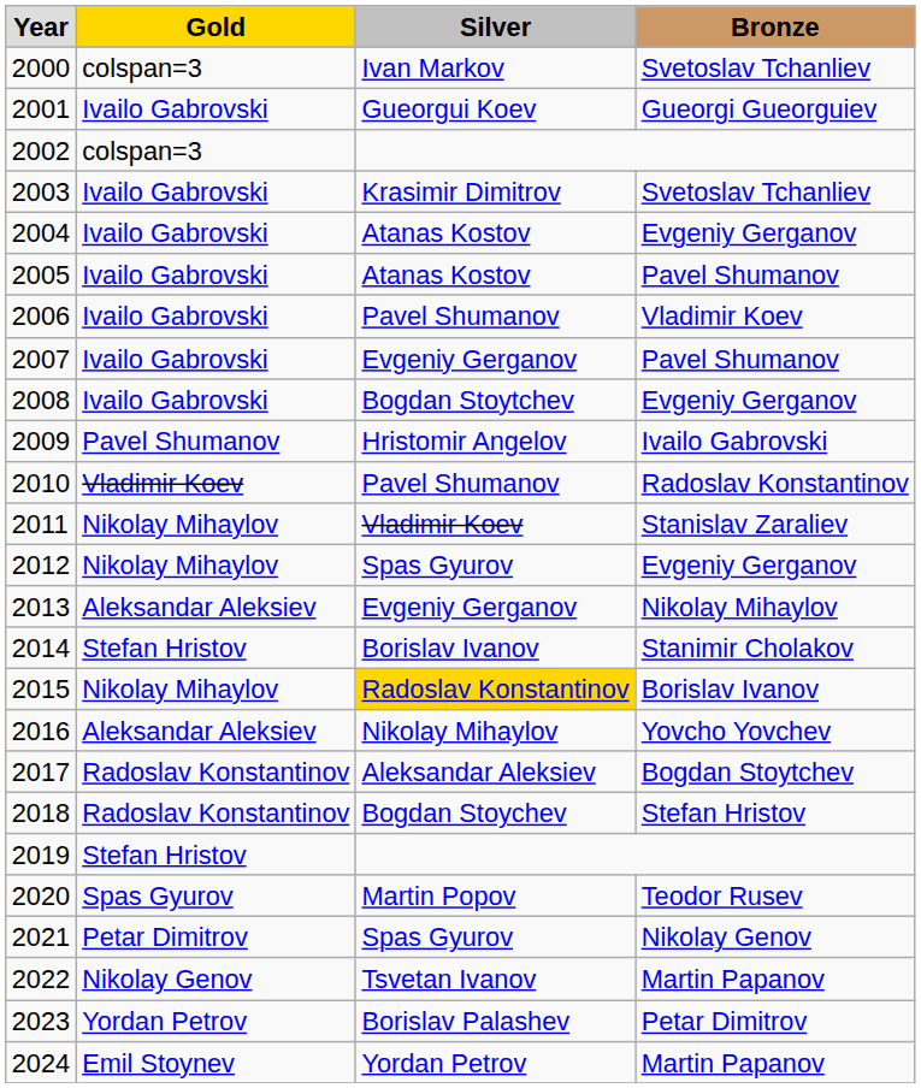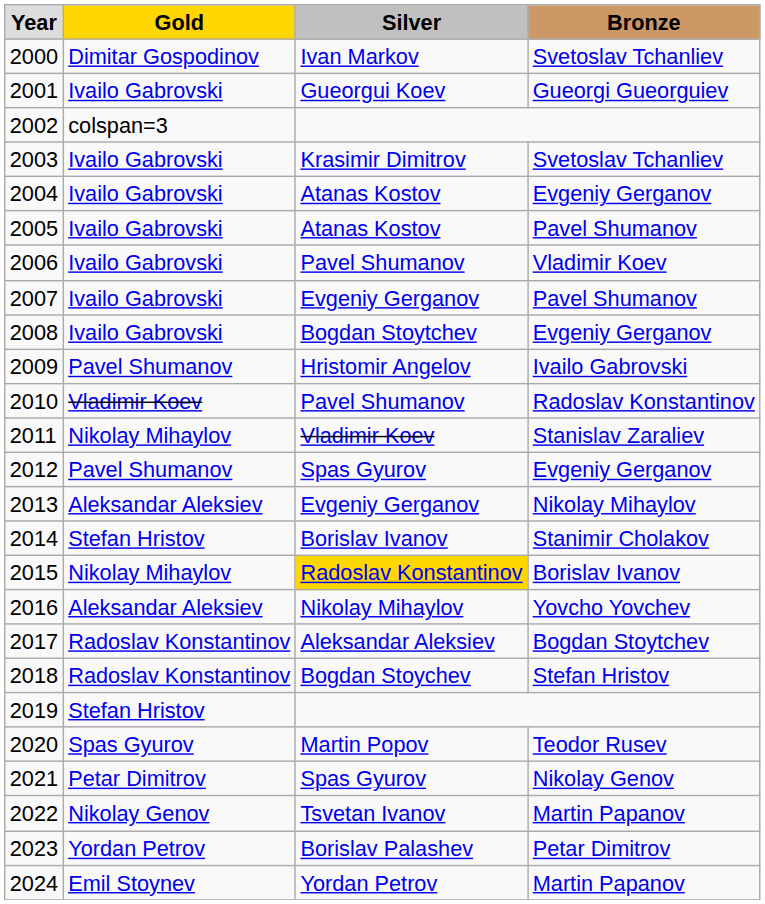 <table class="wikitable sortable" style="font-size:95%">
 <tr style="text-align:center; font-weight:bold;">
 <td style="background:#ddd; ">Year</td>
 <td style="background:gold; ">Gold</td>
 <td style="background:silver; ">Silver</td>
 <td style="background:#c96; ">Bronze</td>
 </tr>
 <tr>
 <td>2000</td>
-<td>colspan=3 </td>
+<td><a href='#'>Dimitar Gospodinov</a></td>
 <td><a href='#'>Ivan Markov</a></td>
 <td><a href='#'>Svetoslav Tchanliev</a></td>
 </tr>
 <tr>
 <td>2001</td>
 <td><a href='#'>Ivailo Gabrovski</a></td>
 <td><a href='#'>Gueorgui Koev</a></td>
 <td><a href='#'>Gueorgi Gueorguiev</a></td>
 </tr>
 <tr>
 <td>2002</td>
 <td>colspan=3 </td>
 </tr>
 <tr>
 <td>2003</td>
 <td><a href='#'>Ivailo Gabrovski</a></td>
 <td><a href='#'>Krasimir Dimitrov</a></td>
 <td><a href='#'>Svetoslav Tchanliev</a></td>
 </tr>
 <tr>
 <td>2004</td>
 <td><a href='#'>Ivailo Gabrovski</a></td>
 <td><a href='#'>Atanas Kostov</a></td>
 <td><a href='#'>Evgeniy Gerganov</a></td>
 </tr>
 <tr>
 <td>2005</td>
 <td><a href='#'>Ivailo Gabrovski</a></td>
 <td><a href='#'>Atanas Kostov</a></td>
 <td><a href='#'>Pavel Shumanov</a></td>
 </tr>
 <tr>
 <td>2006</td>
 <td><a href='#'>Ivailo Gabrovski</a></td>
 <td><a href='#'>Pavel Shumanov</a></td>
 <td><a href='#'>Vladimir Koev</a></td>
 </tr>
 <tr>
 <td>2007</td>
 <td><a href='#'>Ivailo Gabrovski</a></td>
 <td><a href='#'>Evgeniy Gerganov</a></td>
 <td><a href='#'>Pavel Shumanov</a></td>
 </tr>
 <tr>
 <td>2008</td>
 <td><a href='#'>Ivailo Gabrovski</a></td>
 <td><a href='#'>Bogdan Stoytchev</a></td>
 <td><a href='#'>Evgeniy Gerganov</a></td>
 </tr>
 <tr>
 <td>2009</td>
 <td><a href='#'>Pavel Shumanov</a></td>
 <td><a href='#'>Hristomir Angelov</a></td>
 <td><a href='#'>Ivailo Gabrovski</a></td>
 </tr>
 <tr>
 <td>2010</td>
 <td><s><a href='#'>Vladimir Koev</a></s></td>
 <td><a href='#'>Pavel Shumanov</a></td>
 <td><a href='#'>Radoslav Konstantinov</a></td>
 </tr>
 <tr>
 <td>2011</td>
 <td><a href='#'>Nikolay Mihaylov</a></td>
 <td><s><a href='#'>Vladimir Koev</a></s></td>
 <td><a href='#'>Stanislav Zaraliev</a></td>
 </tr>
 <tr>
 <td>2012</td>
-<td><a href='#'>Nikolay Mihaylov</a></td>
+<td><a href='#'>Pavel Shumanov</a></td>
 <td><a href='#'>Spas Gyurov</a></td>
 <td><a href='#'>Evgeniy Gerganov</a></td>
 </tr>
 <tr>
 <td>2013</td>
 <td><a href='#'>Aleksandar Aleksiev</a></td>
 <td><a href='#'>Evgeniy Gerganov</a></td>
 <td><a href='#'>Nikolay Mihaylov</a></td>
 </tr>
 <tr>
 <td>2014</td>
 <td><a href='#'>Stefan Hristov</a></td>
 <td><a href='#'>Borislav Ivanov</a></td>
 <td><a href='#'>Stanimir Cholakov</a></td>
 </tr>
 <tr>
 <td>2015</td>
 <td><a href='#'>Nikolay Mihaylov</a></td>
 <td style="background: gold;"><a href='#'>Radoslav Konstantinov</a></td>
 <td><a href='#'>Borislav Ivanov</a></td>
 </tr>
 <tr>
 <td>2016</td>
 <td><a href='#'>Aleksandar Aleksiev</a></td>
 <td><a href='#'>Nikolay Mihaylov</a></td>
 <td><a href='#'>Yovcho Yovchev</a></td>
 </tr>
 <tr>
 <td>2017</td>
 <td><a href='#'>Radoslav Konstantinov</a></td>
 <td><a href='#'>Aleksandar Aleksiev</a></td>
 <td><a href='#'>Bogdan Stoytchev</a></td>
 </tr>
 <tr>
 <td>2018</td>
 <td><a href='#'>Radoslav Konstantinov</a></td>
 <td><a href='#'>Bogdan Stoychev</a></td>
 <td><a href='#'>Stefan Hristov</a></td>
 </tr>
 <tr>
 <td>2019</td>
 <td><a href='#'>Stefan Hristov</a></td>
 </tr>
 <tr>
 <td>2020</td>
 <td><a href='#'>Spas Gyurov</a></td>
 <td><a href='#'>Martin Popov</a></td>
 <td><a href='#'>Teodor Rusev</a></td>
 </tr>
 <tr>
 <td>2021</td>
 <td><a href='#'>Petar Dimitrov</a></td>
 <td><a href='#'>Spas Gyurov</a></td>
 <td><a href='#'>Nikolay Genov</a></td>
 </tr>
 <tr>
 <td>2022</td>
 <td><a href='#'>Nikolay Genov</a></td>
 <td><a href='#'>Tsvetan Ivanov</a></td>
 <td><a href='#'>Martin Papanov</a></td>
 </tr>
 <tr>
 <td>2023</td>
 <td><a href='#'>Yordan Petrov</a></td>
 <td><a href='#'>Borislav Palashev</a></td>
 <td><a href='#'>Petar Dimitrov</a></td>
 </tr>
 <tr>
 <td>2024</td>
 <td><a href='#'>Emil Stoynev</a></td>
 <td><a href='#'>Yordan Petrov</a></td>
 <td><a href='#'>Martin Papanov</a></td>
 </tr>
 </table>
